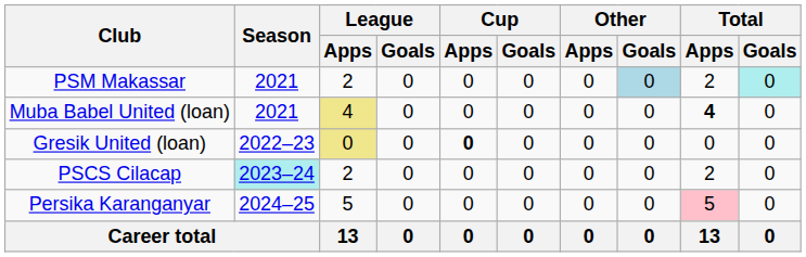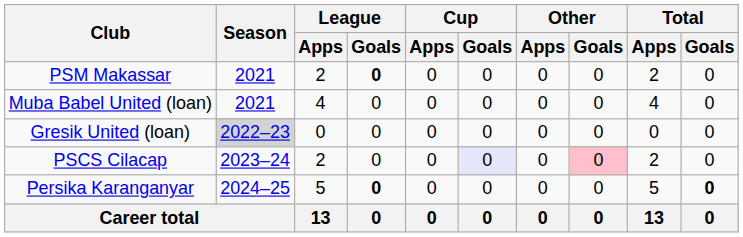 <table class="wikitable" style="text-align: center">
 <tr>
 <th rowspan="2">Club</th>
 <th rowspan="2">Season</th>
 <th colspan="2">League</th>
 <th colspan="2">Cup</th>
 <th colspan="2">Other</th>
 <th colspan="2">Total</th>
 </tr>
 <tr>
 <th>Apps</th>
 <th>Goals</th>
 <th>Apps</th>
 <th>Goals</th>
 <th>Apps</th>
 <th>Goals</th>
 <th>Apps</th>
 <th>Goals</th>
 </tr>
 <tr>
 <td rowspan="1"><a href='#'>PSM Makassar</a></td>
 <td><a href='#'>2021</a></td>
 <td>2</td>
+<td><strong>0</strong></td>
 <td>0</td>
 <td>0</td>
 <td>0</td>
 <td>0</td>
-<td style="background: lightblue;">0</td>
 <td>2</td>
-<td style="background: paleturquoise;">0</td>
+<td>0</td>
 </tr>
 <tr>
 <td rowspan="1"><a href='#'>Muba Babel United</a> (loan)</td>
 <td><a href='#'>2021</a></td>
-<td style="background: khaki;">4</td>
+<td>4</td>
 <td>0</td>
 <td>0</td>
 <td>0</td>
 <td>0</td>
 <td>0</td>
-<td><strong>4</strong></td>
+<td>4</td>
 <td>0</td>
 </tr>
 <tr>
 <td rowspan="1"><a href='#'>Gresik United</a> (loan)</td>
-<td><a href='#'>2022–23</a></td>
-<td style="background: khaki;">0</td>
+<td style="background: lightgrey;"><a href='#'>2022–23</a></td>
 <td>0</td>
-<td><strong>0</strong></td>
+<td>0</td>
+<td>0</td>
 <td>0</td>
 <td>0</td>
 <td>0</td>
 <td>0</td>
 <td>0</td>
 </tr>
 <tr>
 <td rowspan="1"><a href='#'>PSCS Cilacap</a></td>
-<td style="background: paleturquoise;"><a href='#'>2023–24</a></td>
+<td><a href='#'>2023–24</a></td>
 <td>2</td>
 <td>0</td>
 <td>0</td>
+<td style="background: lavender;">0</td>
 <td>0</td>
-<td>0</td>
-<td>0</td>
+<td style="background: pink;">0</td>
 <td>2</td>
 <td>0</td>
 </tr>
 <tr>
 <td rowspan="1"><a href='#'>Persika Karanganyar</a></td>
 <td><a href='#'>2024–25</a></td>
 <td>5</td>
+<td><strong>0</strong></td>
 <td>0</td>
 <td>0</td>
 <td>0</td>
 <td>0</td>
-<td>0</td>
-<td style="background: pink;">5</td>
-<td>0</td>
+<td>5</td>
+<td><strong>0</strong></td>
 </tr>
 <tr>
 <th colspan=2>Career total</th>
 <th>13</th>
 <th>0</th>
 <th>0</th>
 <th>0</th>
 <th>0</th>
 <th>0</th>
 <th>13</th>
 <th>0</th>
 </tr>
 </table>
